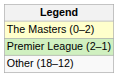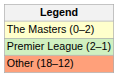 <table class="wikitable">
 <tr>
 <th>Legend</th>
 </tr>
 <tr style="background:#ffc;">
 <td>The Masters (0–2)</td>
 </tr>
 <tr style="background:#d0f0c0;">
 <td>Premier League (2–1)</td>
 </tr>
 <tr>
-<td>Other (18–12)</td>
+<td style="background: lightsalmon;">Other (18–12)</td>
 </tr>
 </table>
